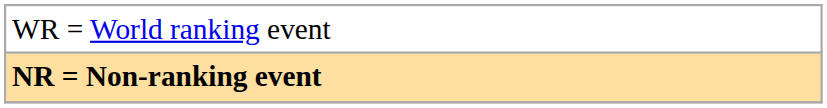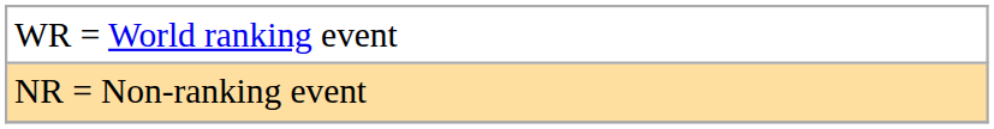 <table class="wikitable" style="font-size:85%;" width=30%>
 <tr bgcolor="#ffffff">
 <td>WR = <a href='#'>World ranking</a> event</td>
 </tr>
 <tr bgcolor="#ffdf9f">
-<td><strong>NR = Non-ranking event</strong></td>
+<td>NR = Non-ranking event</td>
 </tr>
 <tr>
 </tr>
 </table>
